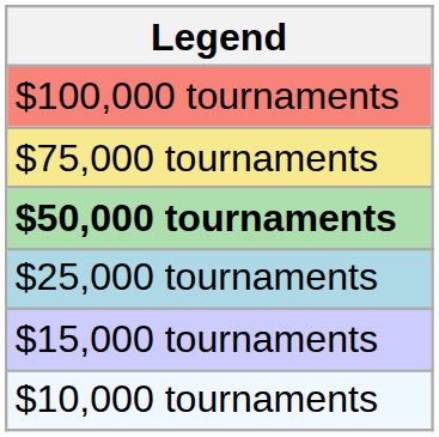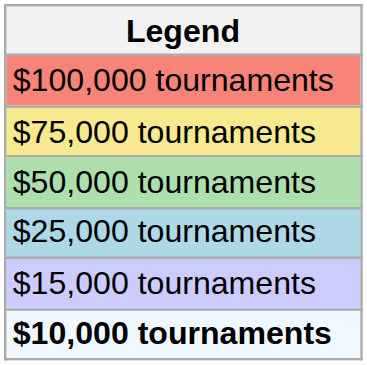 <table class="wikitable" style="font-size:85%; width:12%;">
 <tr>
 <th>Legend</th>
 </tr>
 <tr style="background:#f88379;">
 <td>$100,000 tournaments</td>
 </tr>
 <tr style="background:#f7e98e;">
 <td>$75,000 tournaments</td>
 </tr>
 <tr style="background:#addfad;">
-<td><strong>$50,000 tournaments</strong></td>
+<td>$50,000 tournaments</td>
 </tr>
 <tr style="background:lightblue;">
 <td>$25,000 tournaments</td>
 </tr>
 <tr style="background:#ccccff;">
 <td>$15,000 tournaments</td>
 </tr>
 <tr style="background:#f0f8ff;">
-<td>$10,000 tournaments</td>
+<td><strong>$10,000 tournaments</strong></td>
 </tr>
 </table>
